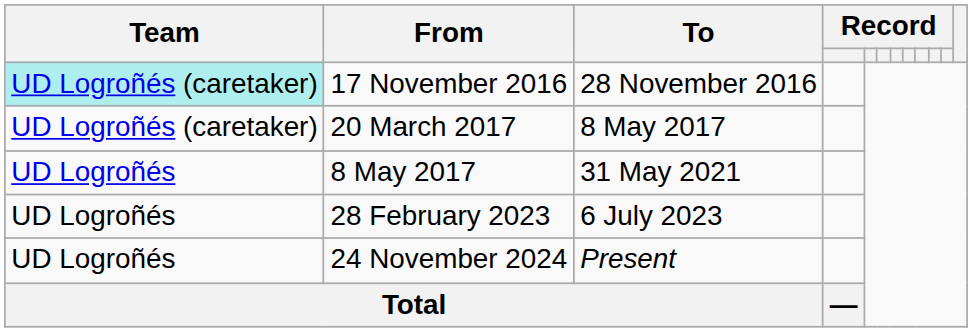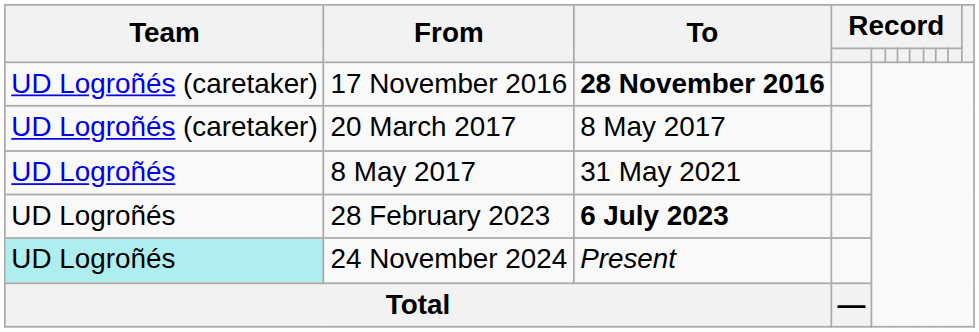 <table class="wikitable" style="text-align: center">
 <tr>
 <th rowspan="2">Team</th>
 <th rowspan="2">From</th>
 <th rowspan="2">To</th>
 <th colspan="8">Record</th>
 <th rowspan=2></th>
 </tr>
 <tr>
 <th></th>
 <th></th>
 <th></th>
 <th></th>
 <th></th>
 <th></th>
 <th></th>
 <th></th>
 </tr>
 <tr>
-<td align=left style="background: paleturquoise;"><a href='#'>UD Logroñés</a> (caretaker)</td>
+<td align=left><a href='#'>UD Logroñés</a> (caretaker)</td>
 <td align=left>17 November 2016</td>
-<td align=left>28 November 2016<br></td>
+<td align=left><strong>28 November 2016<br></strong></td>
 <td></td>
 </tr>
 <tr>
 <td align=left><a href='#'>UD Logroñés</a> (caretaker)</td>
 <td align=left>20 March 2017</td>
 <td align=left>8 May 2017<br></td>
 <td></td>
 </tr>
 <tr>
 <td align=left><a href='#'>UD Logroñés</a></td>
 <td align=left>8 May 2017</td>
 <td align=left>31 May 2021<br></td>
 <td></td>
 </tr>
 <tr>
 <td align=left>UD Logroñés</td>
 <td align=left>28 February 2023</td>
-<td align=left>6 July 2023<br></td>
+<td align=left><strong>6 July 2023<br></strong></td>
 <td></td>
 </tr>
 <tr>
-<td align=left>UD Logroñés</td>
+<td align=left style="background: paleturquoise;">UD Logroñés</td>
 <td align=left>24 November 2024</td>
 <td align=left><em>Present</em><br></td>
 <td></td>
 </tr>
 <tr>
 <th colspan="3">Total<br></th>
 <th>—</th>
 </tr>
 </table>
